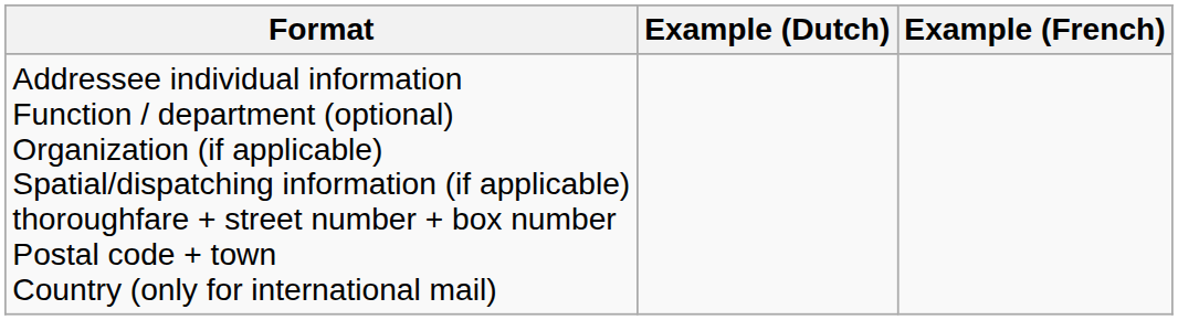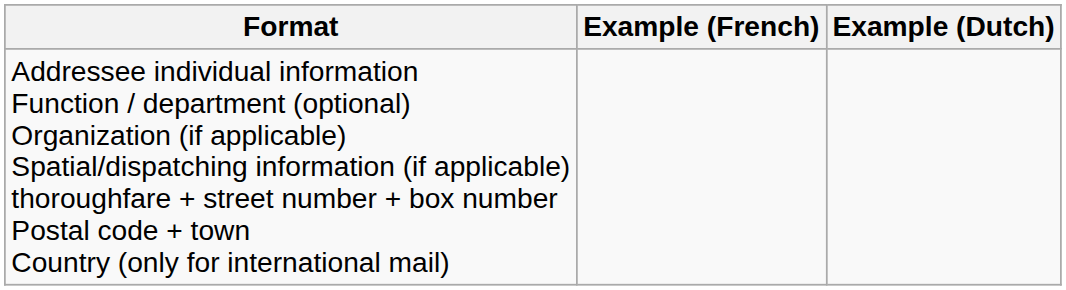 <table class="wikitable">
 <tr>
 <th>Format</th>
+<th>Example (French)</th>
 <th>Example (Dutch)</th>
-<th>Example (French)</th>
 </tr>
 <tr>
 <td>Addressee individual information <br> Function / department (optional) <br> Organization (if applicable) <br> Spatial/dispatching information (if applicable) <br> thoroughfare + street number + box number <br> Postal code + town <br> Country (only for international mail)</td>
 <td></td>
 <td></td>
 </tr>
 </table>
